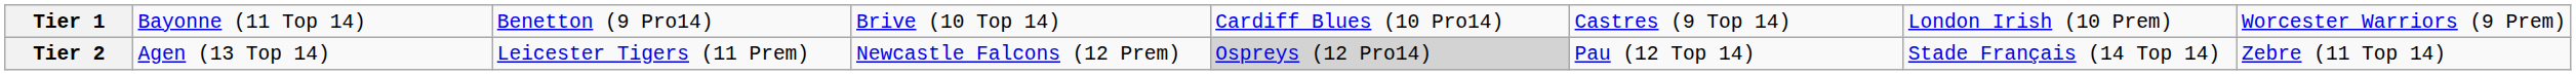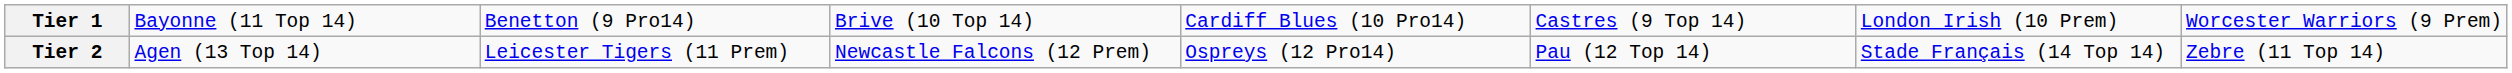 <table class="wikitable">
 <tr>
 <th width=5%>Tier 1</th>
 <td width=14%> <a href='#'>Bayonne</a> (11 Top 14)</td>
 <td width=14%> <a href='#'>Benetton</a> (9 Pro14)</td>
 <td width=14%> <a href='#'>Brive</a> (10 Top 14)</td>
 <td width=14%> <a href='#'>Cardiff Blues</a> (10 Pro14)</td>
 <td width=13%> <a href='#'>Castres</a> (9 Top 14)</td>
 <td width=13%> <a href='#'>London Irish</a> (10 Prem)</td>
 <td width=13%> <a href='#'>Worcester Warriors</a> (9 Prem)</td>
 </tr>
 <tr>
 <th width=5%>Tier 2</th>
 <td width=14%> <a href='#'>Agen</a> (13 Top 14)</td>
 <td width=14%> <a href='#'>Leicester Tigers</a> (11 Prem)</td>
 <td width=14%> <a href='#'>Newcastle Falcons</a> (12 Prem)</td>
-<td width=14% style="background: lightgrey;"> <a href='#'>Ospreys</a> (12 Pro14)</td>
+<td width=14%> <a href='#'>Ospreys</a> (12 Pro14)</td>
 <td width=13%> <a href='#'>Pau</a> (12 Top 14)</td>
 <td width=13%> <a href='#'>Stade Français</a> (14 Top 14)</td>
 <td width=13%> <a href='#'>Zebre</a> (11 Top 14)</td>
 </tr>
 </table>
